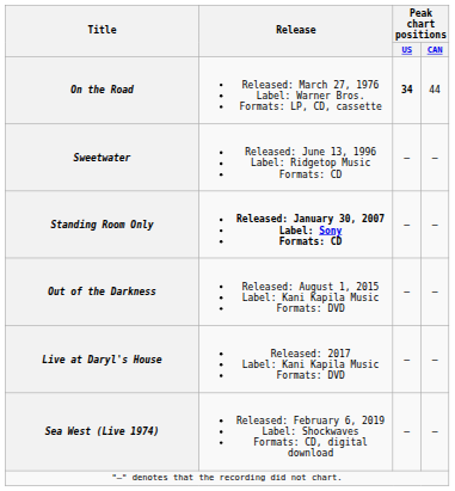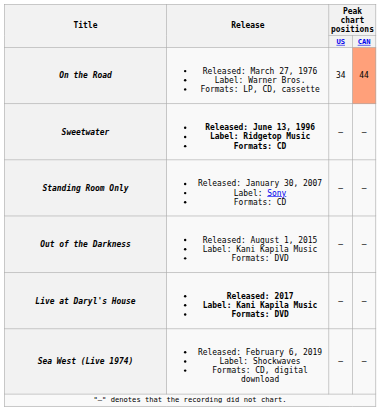 <table class="wikitable plainrowheaders" style="text-align:center;">
 <tr>
 <th scope="col" rowspan="2" style="width:20em;">Title</th>
 <th scope="col" rowspan="2" style="width:20em;">Release</th>
 <th scope="col" colspan="2">Peak chart positions</th>
 </tr>
 <tr>
 <th scope="col" style="width:2.6em; font-size:90%;"><a href='#'>US</a><br></th>
 <th scope="col" style="width:2.6em; font-size:90%;"><a href='#'>CAN</a><br></th>
 </tr>
 <tr>
 <th scope="row"><em>On the Road</em></th>
 <td><br><ul><li>Released: March 27, 1976</li><li>Label: Warner Bros.</li><li>Formats: LP, CD, cassette</li></ul></td>
-<td><strong>34</strong></td>
-<td>44</td>
+<td>34</td>
+<td style="background: lightsalmon;">44</td>
 </tr>
 <tr>
 <th scope="row"><em>Sweetwater</em></th>
-<td><br><ul><li>Released: June 13, 1996</li><li>Label: Ridgetop Music</li><li>Formats: CD</li></ul></td>
+<td><strong><br><ul><li>Released: June 13, 1996</li><li>Label: Ridgetop Music</li><li>Formats: CD</li></ul></strong></td>
 <td>—</td>
 <td>—</td>
 </tr>
 <tr>
 <th scope="row"><em>Standing Room Only</em></th>
-<td><strong><br><ul><li>Released: January 30, 2007</li><li>Label: <a href='#'>Sony</a></li><li>Formats: CD</li></ul></strong></td>
+<td><br><ul><li>Released: January 30, 2007</li><li>Label: <a href='#'>Sony</a></li><li>Formats: CD</li></ul></td>
 <td>—</td>
 <td>—</td>
 </tr>
 <tr>
 <th scope="row"><em>Out of the Darkness</em></th>
 <td><br><ul><li>Released: August 1, 2015</li><li>Label: Kani Kapila Music</li><li>Formats: DVD</li></ul></td>
 <td>—</td>
 <td>—</td>
 </tr>
 <tr>
 <th scope="row"><em>Live at Daryl's House</em></th>
-<td><br><ul><li>Released: 2017</li><li>Label: Kani Kapila Music</li><li>Formats: DVD</li></ul></td>
+<td><strong><br><ul><li>Released: 2017</li><li>Label: Kani Kapila Music</li><li>Formats: DVD</li></ul></strong></td>
 <td>—</td>
 <td>—</td>
 </tr>
 <tr>
 <th scope="row"><em>Sea West (Live 1974)</em></th>
 <td><br><ul><li>Released: February 6, 2019</li><li>Label: Shockwaves</li><li>Formats: CD, digital download</li></ul></td>
 <td>—</td>
 <td>—</td>
 </tr>
 <tr>
 <td colspan="10" style="font-size:90%">"—" denotes that the recording did not chart.</td>
 </tr>
 </table>
